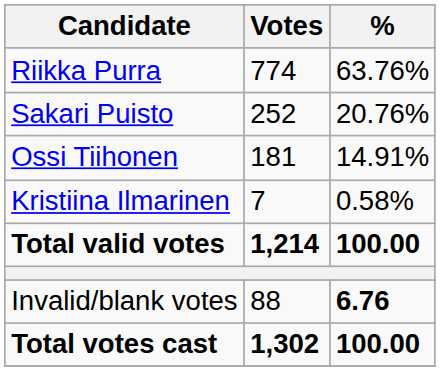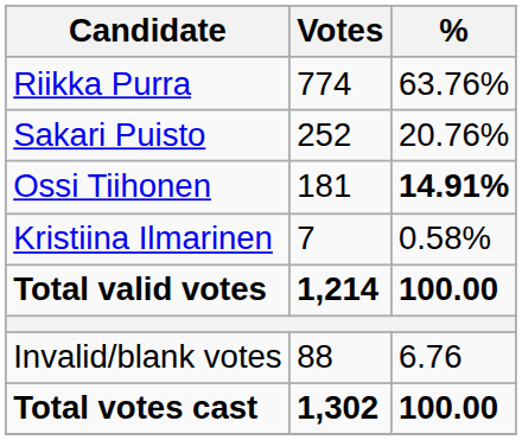 <table class="wikitable">
 <tr>
 <th>Candidate</th>
 <th>Votes</th>
 <th>%</th>
 </tr>
 <tr>
 <td><a href='#'>Riikka Purra</a></td>
 <td>774</td>
 <td>63.76%</td>
 </tr>
 <tr>
 <td><a href='#'>Sakari Puisto</a></td>
 <td>252</td>
 <td>20.76%</td>
 </tr>
 <tr>
 <td><a href='#'>Ossi Tiihonen</a></td>
 <td>181</td>
-<td>14.91%</td>
+<td><strong>14.91%</strong></td>
 </tr>
 <tr>
 <td><a href='#'>Kristiina Ilmarinen</a></td>
 <td>7</td>
 <td>0.58%</td>
 </tr>
 <tr>
 <td colspan=1 align=left><strong>Total valid votes</strong></td>
 <td><strong>1,214</strong></td>
 <td><strong>100.00</strong></td>
 </tr>
 <tr>
 <th colspan=6></th>
 </tr>
 <tr>
 <td colspan=1 align=left>Invalid/blank votes</td>
 <td>88</td>
-<td><strong>6.76</strong></td>
+<td>6.76</td>
 </tr>
 <tr>
 <td colspan=1 align=left><strong>Total votes cast</strong></td>
 <td><strong>1,302</strong></td>
 <td><strong>100.00</strong></td>
 </tr>
 <tr>
 </tr>
 </table>
